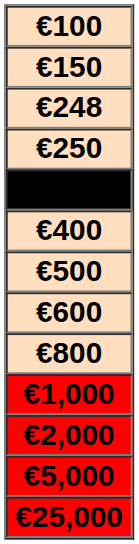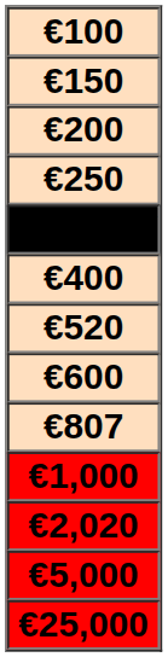 <table border=1 cellspacing=0 cellpadding =1 width=70px|->
 <tr>
 <td bgcolor="#FFDFBF" align=center><strong>€100</strong></td>
 </tr>
 <tr>
 <td bgcolor="#FFDFBF" align=center><strong>€150</strong></td>
 </tr>
 <tr>
-<td bgcolor="#FFDFBF" align=center><strong>€248</strong></td>
+<td bgcolor="#FFDFBF" align=center><strong>€200</strong></td>
 </tr>
 <tr>
 <td bgcolor="#FFDFBF" align=center><strong>€250</strong></td>
 </tr>
 <tr>
 <td bgcolor="#000000" align=center><span><strong><em>KUTIA Y</em></strong></span></td>
 </tr>
 <tr>
 <td bgcolor="#FFDFBF" align=center><strong>€400</strong></td>
 </tr>
 <tr>
-<td bgcolor="#FFDFBF" align=center><strong>€500</strong></td>
+<td bgcolor="#FFDFBF" align=center><strong>€520</strong></td>
 </tr>
 <tr>
 <td bgcolor="#FFDFBF" align=center><strong>€600</strong></td>
 </tr>
 <tr>
-<td bgcolor="#FFDFBF" align=center><strong>€800</strong></td>
+<td bgcolor="#FFDFBF" align=center><strong>€807</strong></td>
 </tr>
 <tr>
 <td bgcolor="#FF0000" align=center><span><strong>€1,000</strong></span></td>
 </tr>
 <tr>
-<td bgcolor="#FF0000" align=center><span><strong>€2,000</strong></span></td>
+<td bgcolor="#FF0000" align=center><span><strong>€2,020</strong></span></td>
 </tr>
 <tr>
 <td bgcolor="#FF0000" align=center><span><strong>€5,000</strong></span></td>
 </tr>
 <tr>
 <td bgcolor="#FF0000" align=center><span><strong>€25,000</strong></span></td>
 </tr>
 </table>
